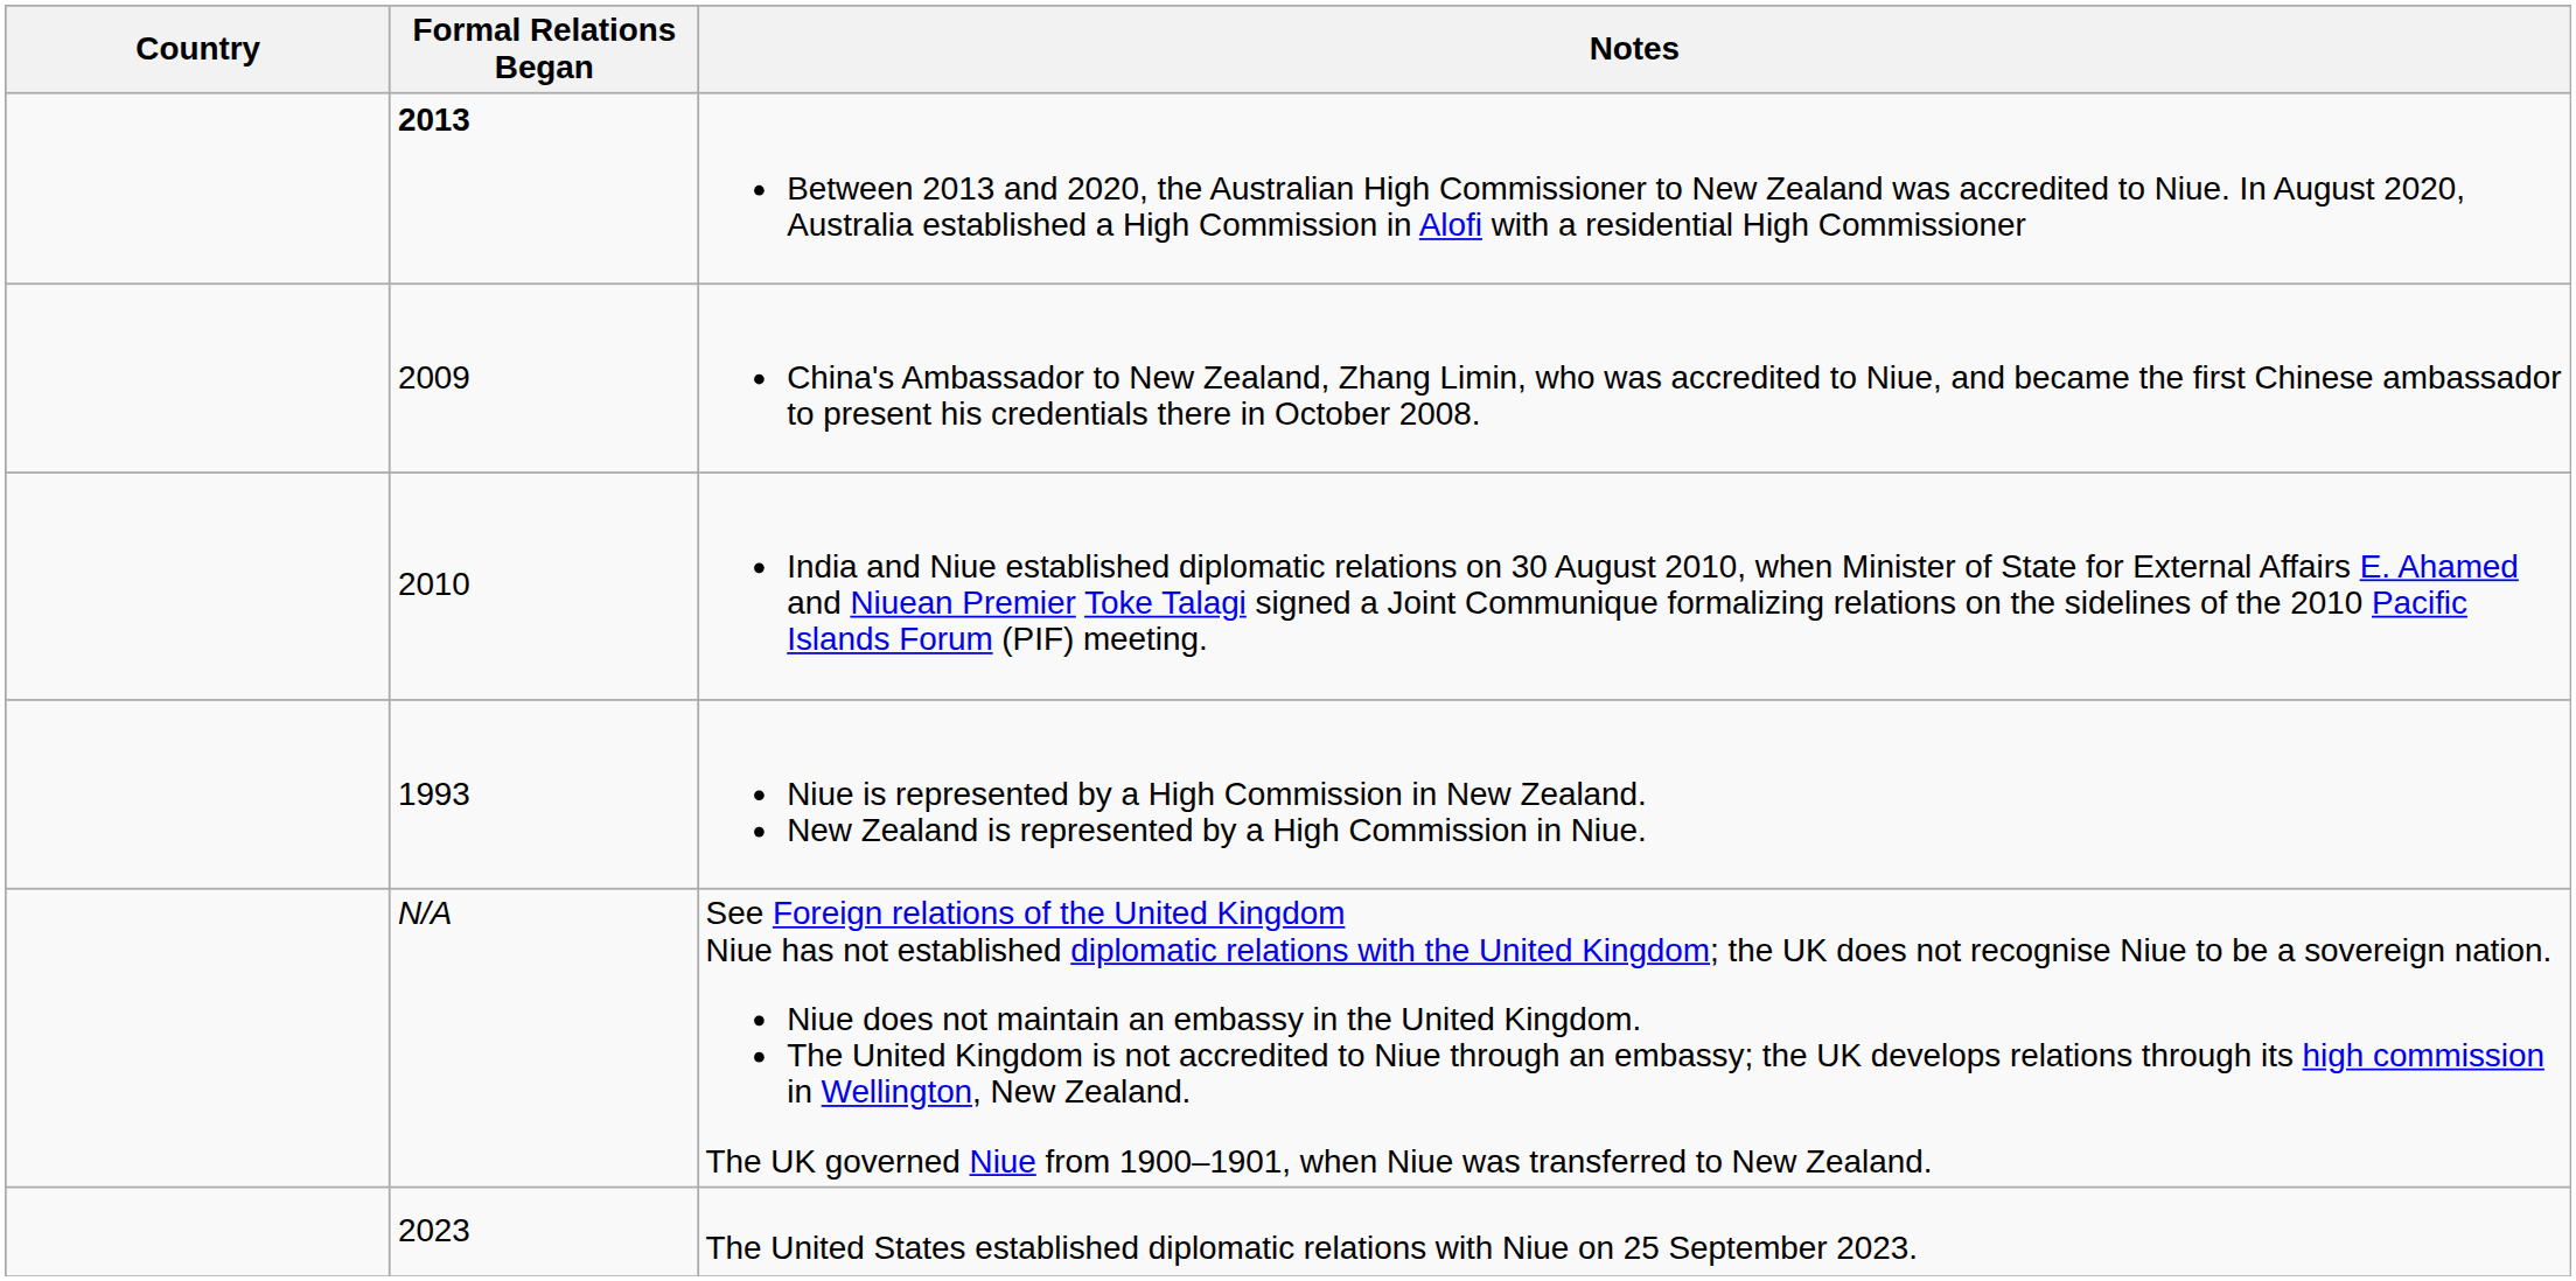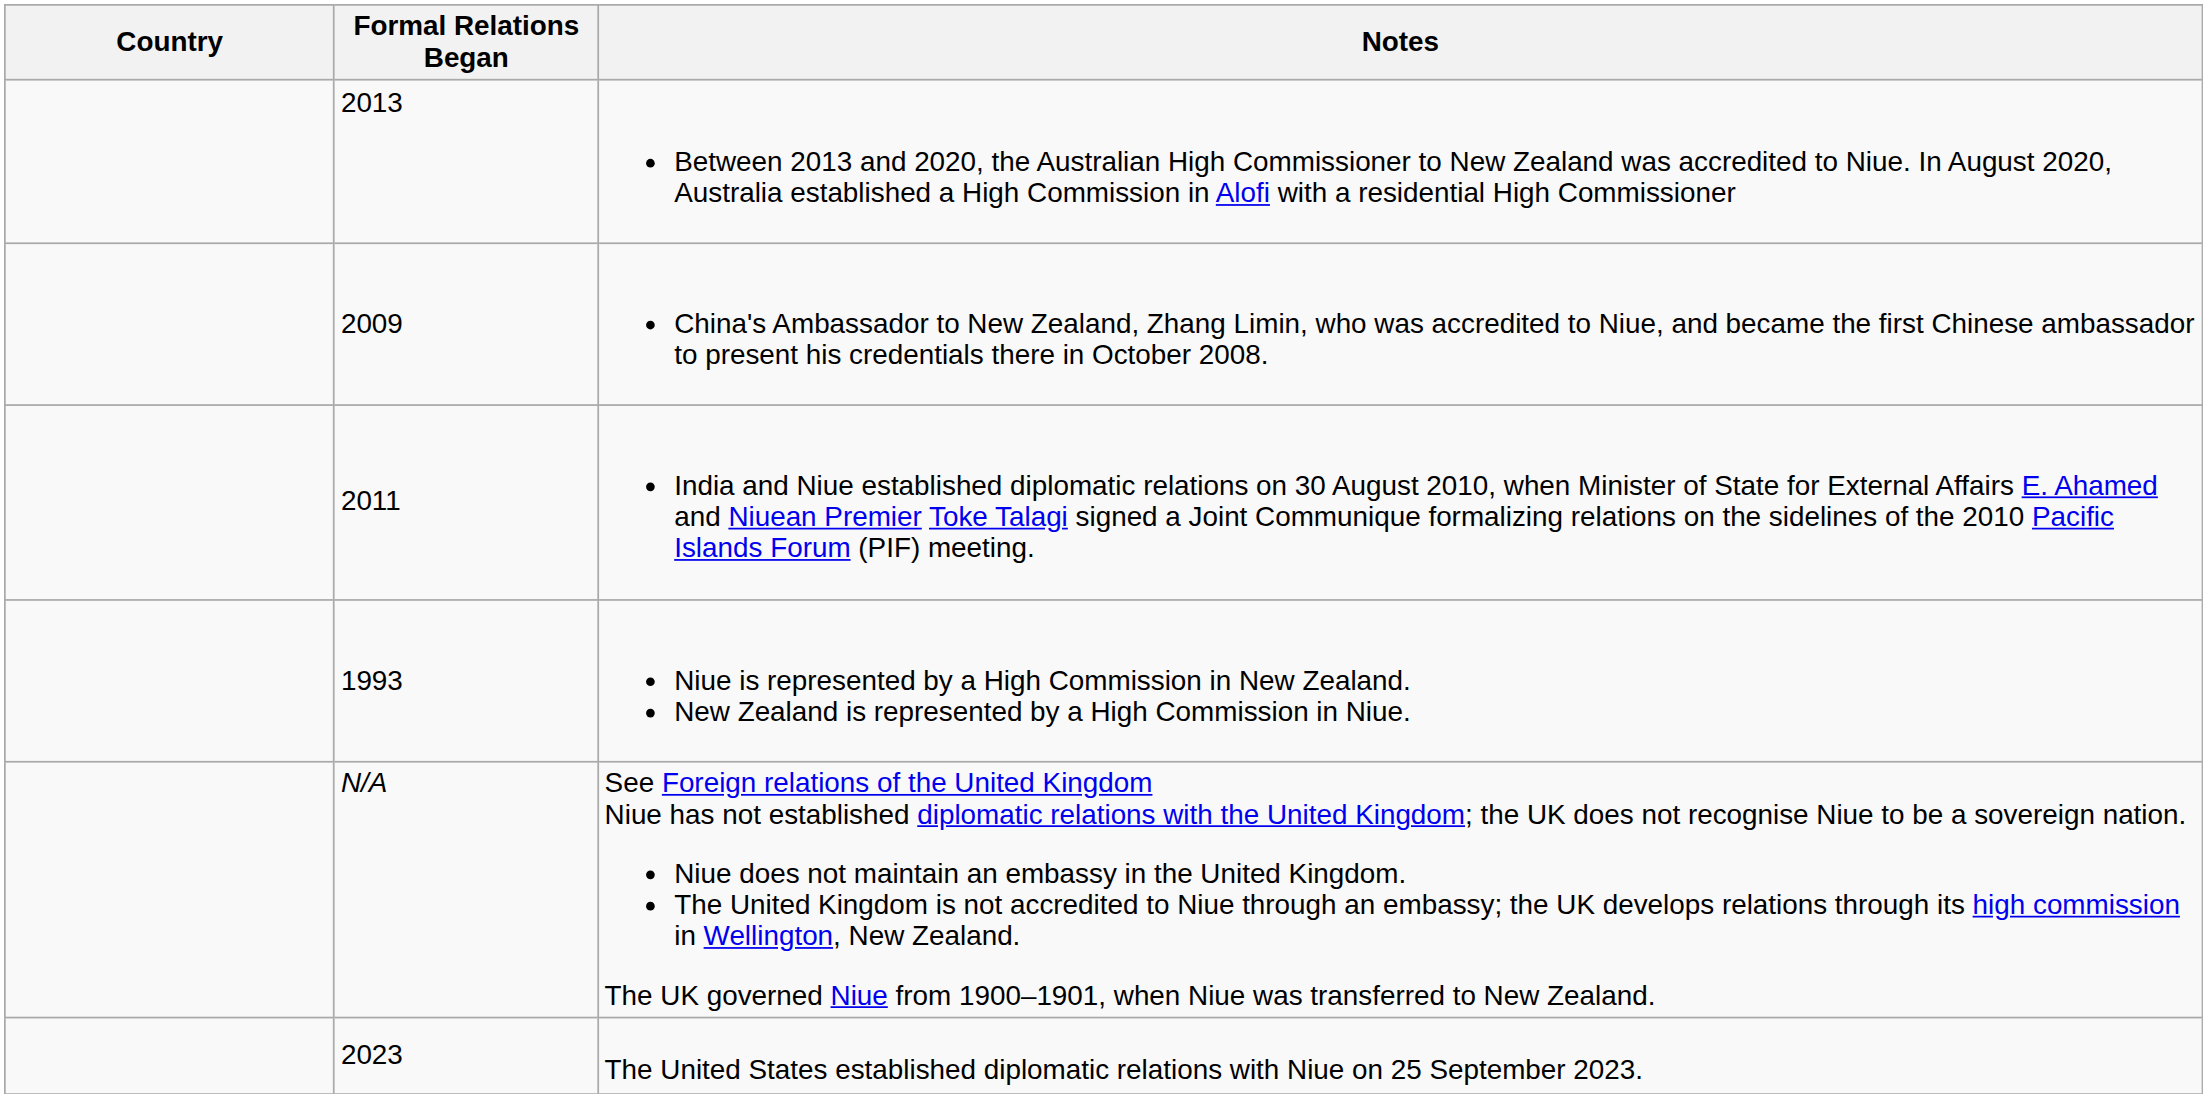 <table class="wikitable sortable" style="width:100%; margin:auto;">
 <tr>
 <th style="width:15%;">Country</th>
 <th style="width:12%;">Formal Relations Began</th>
 <th>Notes</th>
 </tr>
 <tr valign="top">
 <td></td>
-<td><strong>2013</strong></td>
+<td>2013</td>
 <td><br><ul><li>Between 2013 and 2020, the Australian High Commissioner to New Zealand was accredited to Niue. In August 2020, Australia established a High Commission in <a href='#'>Alofi</a> with a residential High Commissioner</li></ul></td>
 </tr>
 <tr>
 <td></td>
 <td>2009</td>
 <td><br><ul><li>China's Ambassador to New Zealand, Zhang Limin, who was accredited to Niue, and became the first Chinese ambassador to present his credentials there in October 2008.</li></ul></td>
 </tr>
 <tr>
 <td></td>
-<td>2010</td>
+<td>2011</td>
 <td><br><ul><li>India and Niue established diplomatic relations on 30 August 2010, when Minister of State for External Affairs <a href='#'>E. Ahamed</a> and <a href='#'>Niuean Premier</a> <a href='#'>Toke Talagi</a> signed a Joint Communique formalizing relations on the sidelines of the 2010 <a href='#'>Pacific Islands Forum</a> (PIF) meeting.</li></ul></td>
 </tr>
 <tr>
 <td></td>
 <td>1993</td>
 <td><br><ul><li>Niue is represented by a High Commission in New Zealand.</li><li>New Zealand is represented by a High Commission in Niue.</li></ul></td>
 </tr>
 <tr valign="top">
 <td></td>
 <td><em>N/A</em></td>
 <td>See <a href='#'>Foreign relations of the United Kingdom</a><br>Niue has not established <a href='#'>diplomatic relations with the United Kingdom</a>; the UK does not recognise Niue to be a sovereign nation.<ul><li>Niue does not maintain an embassy in the United Kingdom.</li><li>The United Kingdom is not accredited to Niue through an embassy; the UK develops relations through its <a href='#'>high commission</a> in <a href='#'>Wellington</a>, New Zealand.</li></ul>The UK governed <a href='#'>Niue</a> from 1900–1901, when Niue was transferred to New Zealand.</td>
 </tr>
 <tr>
 <td></td>
 <td>2023</td>
 <td><br>The United States established diplomatic relations with Niue on 25 September 2023.</td>
 </tr>
 </table>
